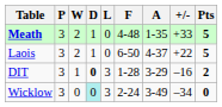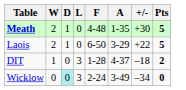 <table class="wikitable">
 <tr>
 <th>Table</th>
-<th>P</th>
 <th>W</th>
 <th>D</th>
 <th>L</th>
 <th>F</th>
 <th>A</th>
 <th>+/-</th>
 <th>Pts</th>
 </tr>
 <tr style="text-align:Center; background:#cfc;">
 <td align=left> <strong><a href='#'>Meath</a></strong></td>
-<td>3</td>
 <td>2</td>
 <td>1</td>
 <td>0</td>
 <td>4-48</td>
 <td>1-35</td>
-<td>+33</td>
+<td>+30</td>
 <td><strong>5</strong></td>
 </tr>
 <tr style="text-align:Center;">
 <td align=left> <a href='#'>Laois</a></td>
-<td>3</td>
 <td>2</td>
 <td>1</td>
 <td>0</td>
 <td>6-50</td>
-<td>4-37</td>
+<td>3-29</td>
 <td>+22</td>
 <td><strong>5</strong></td>
 </tr>
 <tr style="text-align:Center;">
 <td align=left> <a href='#'>DIT</a></td>
-<td>3</td>
 <td>1</td>
-<td><strong>0</strong></td>
+<td>0</td>
 <td>3</td>
 <td>1-28</td>
-<td>3-29</td>
-<td>–16</td>
+<td>4-37</td>
+<td>–18</td>
 <td><strong>2</strong></td>
 </tr>
 <tr style="text-align:Center;">
 <td align=left> <a href='#'>Wicklow</a></td>
-<td>3</td>
 <td>0</td>
 <td style="background: paleturquoise;">0</td>
 <td>3</td>
 <td>2-24</td>
 <td>3-49</td>
 <td>–34</td>
 <td><strong>0</strong></td>
 </tr>
 </table>
